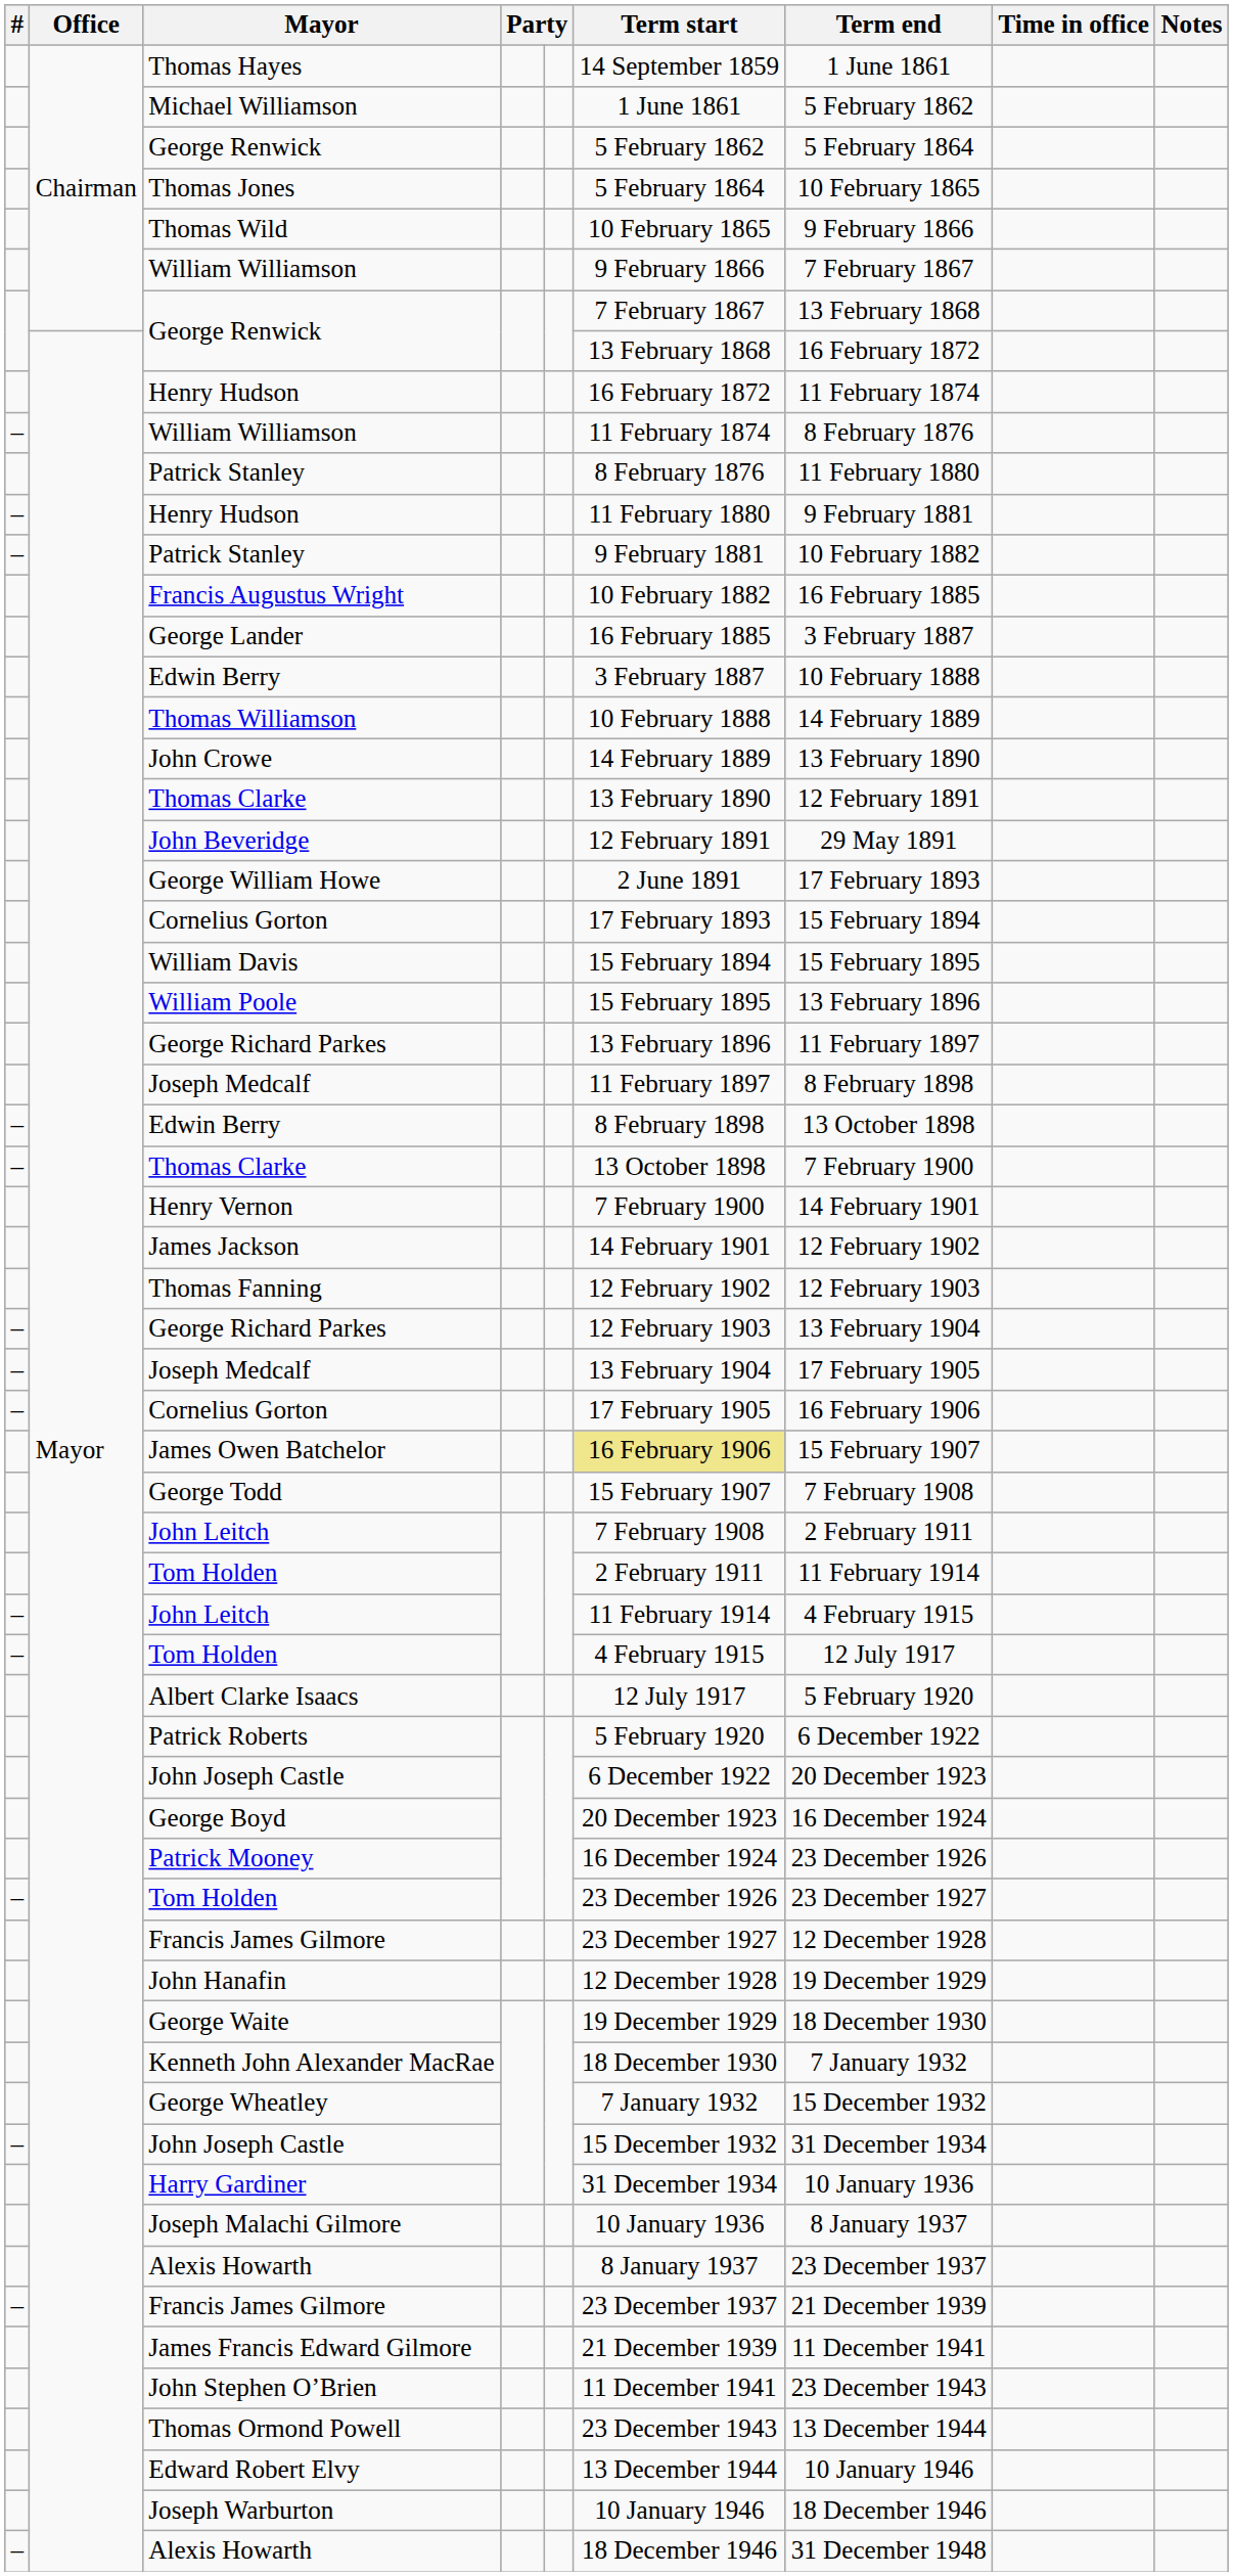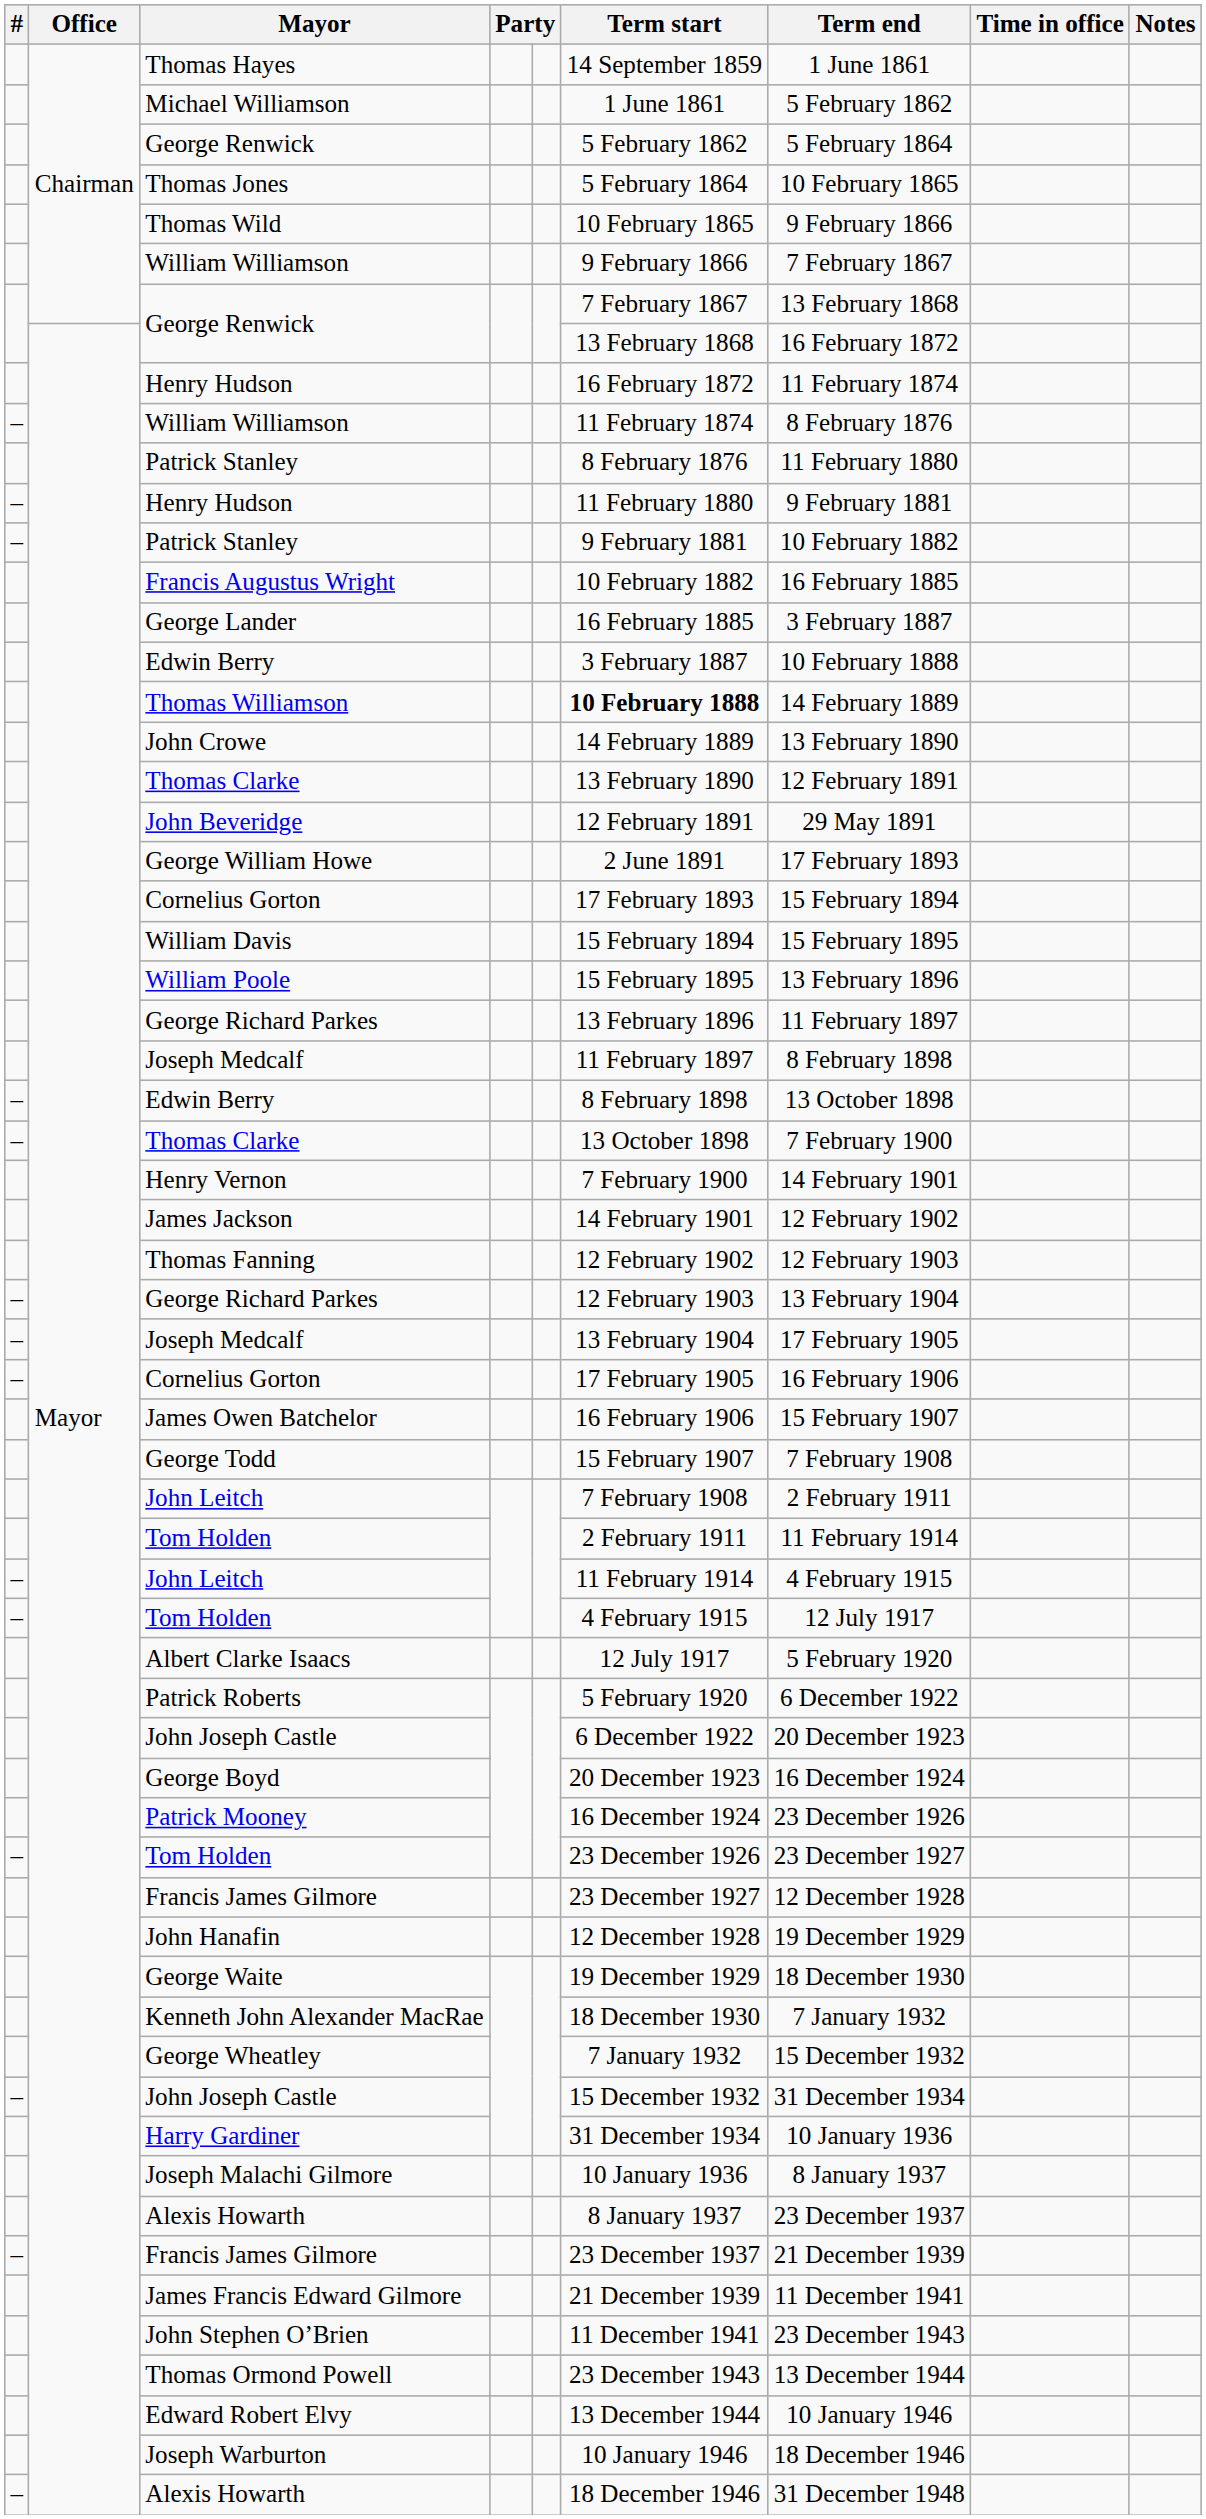 <table class="wikitable sortable">
 <tr>
 <th>#</th>
 <th>Office</th>
 <th>Mayor</th>
 <th colspan=2>Party</th>
 <th>Term start</th>
 <th>Term end</th>
 <th>Time in office</th>
 <th class="unsortable">Notes</th>
 </tr>
 <tr>
 <td align=center></td>
 <td rowspan="7">Chairman</td>
 <td>Thomas Hayes</td>
 <td></td>
 <td></td>
 <td align="center">14 September 1859</td>
 <td align=center>1 June 1861</td>
 <td align=right></td>
 <td></td>
 </tr>
 <tr>
 <td align=center></td>
 <td>Michael Williamson</td>
 <td></td>
 <td></td>
 <td align="center">1 June 1861</td>
 <td align=center>5 February 1862</td>
 <td align=right></td>
 <td></td>
 </tr>
 <tr>
 <td align=center></td>
 <td>George Renwick</td>
 <td></td>
 <td></td>
 <td align="center">5 February 1862</td>
 <td align=center>5 February 1864</td>
 <td align=right></td>
 <td></td>
 </tr>
 <tr>
 <td align=center></td>
 <td>Thomas Jones</td>
 <td></td>
 <td></td>
 <td align="center">5 February 1864</td>
 <td align=center>10 February 1865</td>
 <td align=right></td>
 <td></td>
 </tr>
 <tr>
 <td align=center></td>
 <td>Thomas Wild</td>
 <td></td>
 <td></td>
 <td align="center">10 February 1865</td>
 <td align=center>9 February 1866</td>
 <td align=right></td>
 <td></td>
 </tr>
 <tr>
 <td align=center></td>
 <td>William Williamson</td>
 <td></td>
 <td></td>
 <td align="center">9 February 1866</td>
 <td align=center>7 February 1867</td>
 <td align=right></td>
 <td></td>
 </tr>
 <tr>
 <td align=center rowspan="2"></td>
 <td rowspan="2">George Renwick</td>
 <td rowspan="2"></td>
 <td rowspan="2"></td>
 <td align="center">7 February 1867</td>
 <td align=center>13 February 1868</td>
 <td align=right></td>
 <td></td>
 </tr>
 <tr>
 <td rowspan="55">Mayor</td>
 <td align="center">13 February 1868</td>
 <td align=center>16 February 1872</td>
 <td align=right></td>
 <td></td>
 </tr>
 <tr>
 <td align=center></td>
 <td>Henry Hudson</td>
 <td></td>
 <td></td>
 <td align="center">16 February 1872</td>
 <td align=center>11 February 1874</td>
 <td align=right></td>
 <td></td>
 </tr>
 <tr>
 <td align=center>–</td>
 <td>William Williamson</td>
 <td></td>
 <td></td>
 <td align="center">11 February 1874</td>
 <td align=center>8 February 1876</td>
 <td align=right></td>
 <td></td>
 </tr>
 <tr>
 <td align=center></td>
 <td>Patrick Stanley</td>
 <td></td>
 <td></td>
 <td align="center">8 February 1876</td>
 <td align=center>11 February 1880</td>
 <td align=right></td>
 <td></td>
 </tr>
 <tr>
 <td align=center>–</td>
 <td>Henry Hudson</td>
 <td></td>
 <td></td>
 <td align="center">11 February 1880</td>
 <td align=center>9 February 1881</td>
 <td align=right></td>
 <td></td>
 </tr>
 <tr>
 <td align=center>–</td>
 <td>Patrick Stanley</td>
 <td></td>
 <td></td>
 <td align="center">9 February 1881</td>
 <td align=center>10 February 1882</td>
 <td align=right></td>
 <td></td>
 </tr>
 <tr>
 <td align=center></td>
 <td><a href='#'>Francis Augustus Wright</a></td>
 <td></td>
 <td></td>
 <td align="center">10 February 1882</td>
 <td align=center>16 February 1885</td>
 <td align=right></td>
 <td></td>
 </tr>
 <tr>
 <td align=center></td>
 <td>George Lander</td>
 <td></td>
 <td></td>
 <td align="center">16 February 1885</td>
 <td align=center>3 February 1887</td>
 <td align=right></td>
 <td></td>
 </tr>
 <tr>
 <td align=center></td>
 <td>Edwin Berry</td>
 <td></td>
 <td></td>
 <td align="center">3 February 1887</td>
 <td align=center>10 February 1888</td>
 <td align=right></td>
 <td></td>
 </tr>
 <tr>
 <td align=center></td>
 <td><a href='#'>Thomas Williamson</a></td>
 <td></td>
 <td></td>
-<td align="center">10 February 1888</td>
+<td align="center"><strong>10 February 1888</strong></td>
 <td align=center>14 February 1889</td>
 <td align=right></td>
 <td></td>
 </tr>
 <tr>
 <td align=center></td>
 <td>John Crowe</td>
 <td></td>
 <td></td>
 <td align="center">14 February 1889</td>
 <td align=center>13 February 1890</td>
 <td align=right></td>
 <td></td>
 </tr>
 <tr>
 <td align=center></td>
 <td><a href='#'>Thomas Clarke</a></td>
 <td></td>
 <td></td>
 <td align="center">13 February 1890</td>
 <td align=center>12 February 1891</td>
 <td align=right></td>
 <td></td>
 </tr>
 <tr>
 <td align=center></td>
 <td><a href='#'>John Beveridge</a></td>
 <td></td>
 <td></td>
 <td align="center">12 February 1891</td>
 <td align=center>29 May 1891</td>
 <td align=right></td>
 <td></td>
 </tr>
 <tr>
 <td align=center></td>
 <td>George William Howe</td>
 <td></td>
 <td></td>
 <td align="center">2 June 1891</td>
 <td align=center>17 February 1893</td>
 <td align=right></td>
 <td></td>
 </tr>
 <tr>
 <td align=center></td>
 <td>Cornelius Gorton</td>
 <td></td>
 <td></td>
 <td align="center">17 February 1893</td>
 <td align=center>15 February 1894</td>
 <td align=right></td>
 <td></td>
 </tr>
 <tr>
 <td align=center></td>
 <td>William Davis</td>
 <td></td>
 <td></td>
 <td align="center">15 February 1894</td>
 <td align=center>15 February 1895</td>
 <td align=right></td>
 <td></td>
 </tr>
 <tr>
 <td align=center></td>
 <td><a href='#'>William Poole</a></td>
 <td></td>
 <td></td>
 <td align="center">15 February 1895</td>
 <td align=center>13 February 1896</td>
 <td align=right></td>
 <td></td>
 </tr>
 <tr>
 <td align=center></td>
 <td>George Richard Parkes</td>
 <td></td>
 <td></td>
 <td align="center">13 February 1896</td>
 <td align=center>11 February 1897</td>
 <td align=right></td>
 <td></td>
 </tr>
 <tr>
 <td align=center></td>
 <td>Joseph Medcalf</td>
 <td></td>
 <td></td>
 <td align="center">11 February 1897</td>
 <td align=center>8 February 1898</td>
 <td align=right></td>
 <td></td>
 </tr>
 <tr>
 <td align=center>–</td>
 <td>Edwin Berry</td>
 <td></td>
 <td></td>
 <td align="center">8 February 1898</td>
 <td align=center>13 October 1898</td>
 <td align=right></td>
 <td></td>
 </tr>
 <tr>
 <td align=center>–</td>
 <td><a href='#'>Thomas Clarke</a></td>
 <td></td>
 <td></td>
 <td align="center">13 October 1898</td>
 <td align=center>7 February 1900</td>
 <td align=right></td>
 <td></td>
 </tr>
 <tr>
 <td align=center></td>
 <td>Henry Vernon</td>
 <td></td>
 <td></td>
 <td align="center">7 February 1900</td>
 <td align=center>14 February 1901</td>
 <td align=right></td>
 <td></td>
 </tr>
 <tr>
 <td align=center></td>
 <td>James Jackson</td>
 <td></td>
 <td></td>
 <td align="center">14 February 1901</td>
 <td align=center>12 February 1902</td>
 <td align=right></td>
 <td></td>
 </tr>
 <tr>
 <td align=center></td>
 <td>Thomas Fanning</td>
 <td></td>
 <td></td>
 <td align="center">12 February 1902</td>
 <td align=center>12 February 1903</td>
 <td align=right></td>
 <td></td>
 </tr>
 <tr>
 <td align=center>–</td>
 <td>George Richard Parkes</td>
 <td></td>
 <td></td>
 <td align="center">12 February 1903</td>
 <td align=center>13 February 1904</td>
 <td align=right></td>
 <td></td>
 </tr>
 <tr>
 <td align=center>–</td>
 <td>Joseph Medcalf</td>
 <td></td>
 <td></td>
 <td align="center">13 February 1904</td>
 <td align=center>17 February 1905</td>
 <td align=right></td>
 <td></td>
 </tr>
 <tr>
 <td align=center>–</td>
 <td>Cornelius Gorton</td>
 <td></td>
 <td></td>
 <td align="center">17 February 1905</td>
 <td align=center>16 February 1906</td>
 <td align=right></td>
 <td></td>
 </tr>
 <tr>
 <td align=center></td>
 <td>James Owen Batchelor</td>
 <td></td>
 <td></td>
-<td align="center" style="background: khaki;">16 February 1906</td>
+<td align="center">16 February 1906</td>
 <td align=center>15 February 1907</td>
 <td align=right></td>
 <td></td>
 </tr>
 <tr>
 <td align=center></td>
 <td>George Todd</td>
 <td></td>
 <td></td>
 <td align="center">15 February 1907</td>
 <td align=center>7 February 1908</td>
 <td align=right></td>
 <td></td>
 </tr>
 <tr>
 <td align=center></td>
 <td><a href='#'>John Leitch</a></td>
 <td rowspan="4" > </td>
 <td rowspan="4"></td>
 <td align="center">7 February 1908</td>
 <td align=center>2 February 1911</td>
 <td align=right></td>
 <td></td>
 </tr>
 <tr>
 <td align=center></td>
 <td><a href='#'>Tom Holden</a></td>
 <td align="center">2 February 1911</td>
 <td align=center>11 February 1914</td>
 <td align=right></td>
 <td></td>
 </tr>
 <tr>
 <td align=center>–</td>
 <td><a href='#'>John Leitch</a></td>
 <td align="center">11 February 1914</td>
 <td align=center>4 February 1915</td>
 <td align=right></td>
 <td></td>
 </tr>
 <tr>
 <td align=center>–</td>
 <td><a href='#'>Tom Holden</a></td>
 <td align="center">4 February 1915</td>
 <td align=center>12 July 1917</td>
 <td align=right></td>
 <td></td>
 </tr>
 <tr>
 <td align=center></td>
 <td>Albert Clarke Isaacs</td>
 <td></td>
 <td></td>
 <td align="center">12 July 1917</td>
 <td align=center>5 February 1920</td>
 <td align=right></td>
 <td></td>
 </tr>
 <tr>
 <td align=center></td>
 <td>Patrick Roberts</td>
 <td rowspan="5" > </td>
 <td rowspan="5"></td>
 <td align="center">5 February 1920</td>
 <td align=center>6 December 1922</td>
 <td align=right></td>
 <td></td>
 </tr>
 <tr>
 <td align=center></td>
 <td>John Joseph Castle</td>
 <td align="center">6 December 1922</td>
 <td align=center>20 December 1923</td>
 <td align=right></td>
 <td></td>
 </tr>
 <tr>
 <td align=center></td>
 <td>George Boyd</td>
 <td align="center">20 December 1923</td>
 <td align=center>16 December 1924</td>
 <td align=right></td>
 <td></td>
 </tr>
 <tr>
 <td align=center></td>
 <td><a href='#'>Patrick Mooney</a></td>
 <td align="center">16 December 1924</td>
 <td align=center>23 December 1926</td>
 <td align=right></td>
 <td></td>
 </tr>
 <tr>
 <td align=center>–</td>
 <td><a href='#'>Tom Holden</a></td>
 <td align="center">23 December 1926</td>
 <td align=center>23 December 1927</td>
 <td align=right></td>
 <td></td>
 </tr>
 <tr>
 <td align=center></td>
 <td>Francis James Gilmore</td>
 <td></td>
 <td></td>
 <td align="center">23 December 1927</td>
 <td align=center>12 December 1928</td>
 <td align=right></td>
 <td></td>
 </tr>
 <tr>
 <td align=center></td>
 <td>John Hanafin</td>
 <td></td>
 <td></td>
 <td align="center">12 December 1928</td>
 <td align=center>19 December 1929</td>
 <td align=right></td>
 <td></td>
 </tr>
 <tr>
 <td align=center></td>
 <td>George Waite</td>
 <td rowspan="5" > </td>
 <td rowspan="5"></td>
 <td align="center">19 December 1929</td>
 <td align=center>18 December 1930</td>
 <td align=right></td>
 <td></td>
 </tr>
 <tr>
 <td align=center></td>
 <td>Kenneth John Alexander MacRae</td>
 <td align="center">18 December 1930</td>
 <td align=center>7 January 1932</td>
 <td align=right></td>
 <td></td>
 </tr>
 <tr>
 <td align=center></td>
 <td>George Wheatley</td>
 <td align="center">7 January 1932</td>
 <td align=center>15 December 1932</td>
 <td align=right></td>
 <td></td>
 </tr>
 <tr>
 <td align=center>–</td>
 <td>John Joseph Castle</td>
 <td align="center">15 December 1932</td>
 <td align=center>31 December 1934</td>
 <td align=right></td>
 <td></td>
 </tr>
 <tr>
 <td align=center></td>
 <td><a href='#'>Harry Gardiner</a></td>
 <td align="center">31 December 1934</td>
 <td align=center>10 January 1936</td>
 <td align=right></td>
 <td></td>
 </tr>
 <tr>
 <td align=center></td>
 <td>Joseph Malachi Gilmore</td>
 <td></td>
 <td></td>
 <td align="center">10 January 1936</td>
 <td align=center>8 January 1937</td>
 <td align=right></td>
 <td></td>
 </tr>
 <tr>
 <td align=center></td>
 <td>Alexis Howarth</td>
 <td></td>
 <td></td>
 <td align="center">8 January 1937</td>
 <td align=center>23 December 1937</td>
 <td align=right></td>
 <td></td>
 </tr>
 <tr>
 <td align=center>–</td>
 <td>Francis James Gilmore</td>
 <td></td>
 <td></td>
 <td align="center">23 December 1937</td>
 <td align=center>21 December 1939</td>
 <td align=right></td>
 <td></td>
 </tr>
 <tr>
 <td align=center></td>
 <td>James Francis Edward Gilmore</td>
 <td></td>
 <td></td>
 <td align="center">21 December 1939</td>
 <td align=center>11 December 1941</td>
 <td align=right></td>
 <td></td>
 </tr>
 <tr>
 <td align=center></td>
 <td>John Stephen O’Brien</td>
 <td></td>
 <td></td>
 <td align="center">11 December 1941</td>
 <td align=center>23 December 1943</td>
 <td align=right></td>
 <td></td>
 </tr>
 <tr>
 <td align=center></td>
 <td>Thomas Ormond Powell</td>
 <td></td>
 <td></td>
 <td align="center">23 December 1943</td>
 <td align=center>13 December 1944</td>
 <td align=right></td>
 <td></td>
 </tr>
 <tr>
 <td align=center></td>
 <td>Edward Robert Elvy</td>
 <td></td>
 <td></td>
 <td align="center">13 December 1944</td>
 <td align=center>10 January 1946</td>
 <td align=right></td>
 <td></td>
 </tr>
 <tr>
 <td align=center></td>
 <td>Joseph Warburton</td>
 <td></td>
 <td></td>
 <td align="center">10 January 1946</td>
 <td align=center>18 December 1946</td>
 <td align=right></td>
 <td></td>
 </tr>
 <tr>
 <td align=center>–</td>
 <td>Alexis Howarth</td>
 <td></td>
 <td></td>
 <td align="center">18 December 1946</td>
 <td align=center>31 December 1948</td>
 <td align=right></td>
 <td></td>
 </tr>
 </table>
